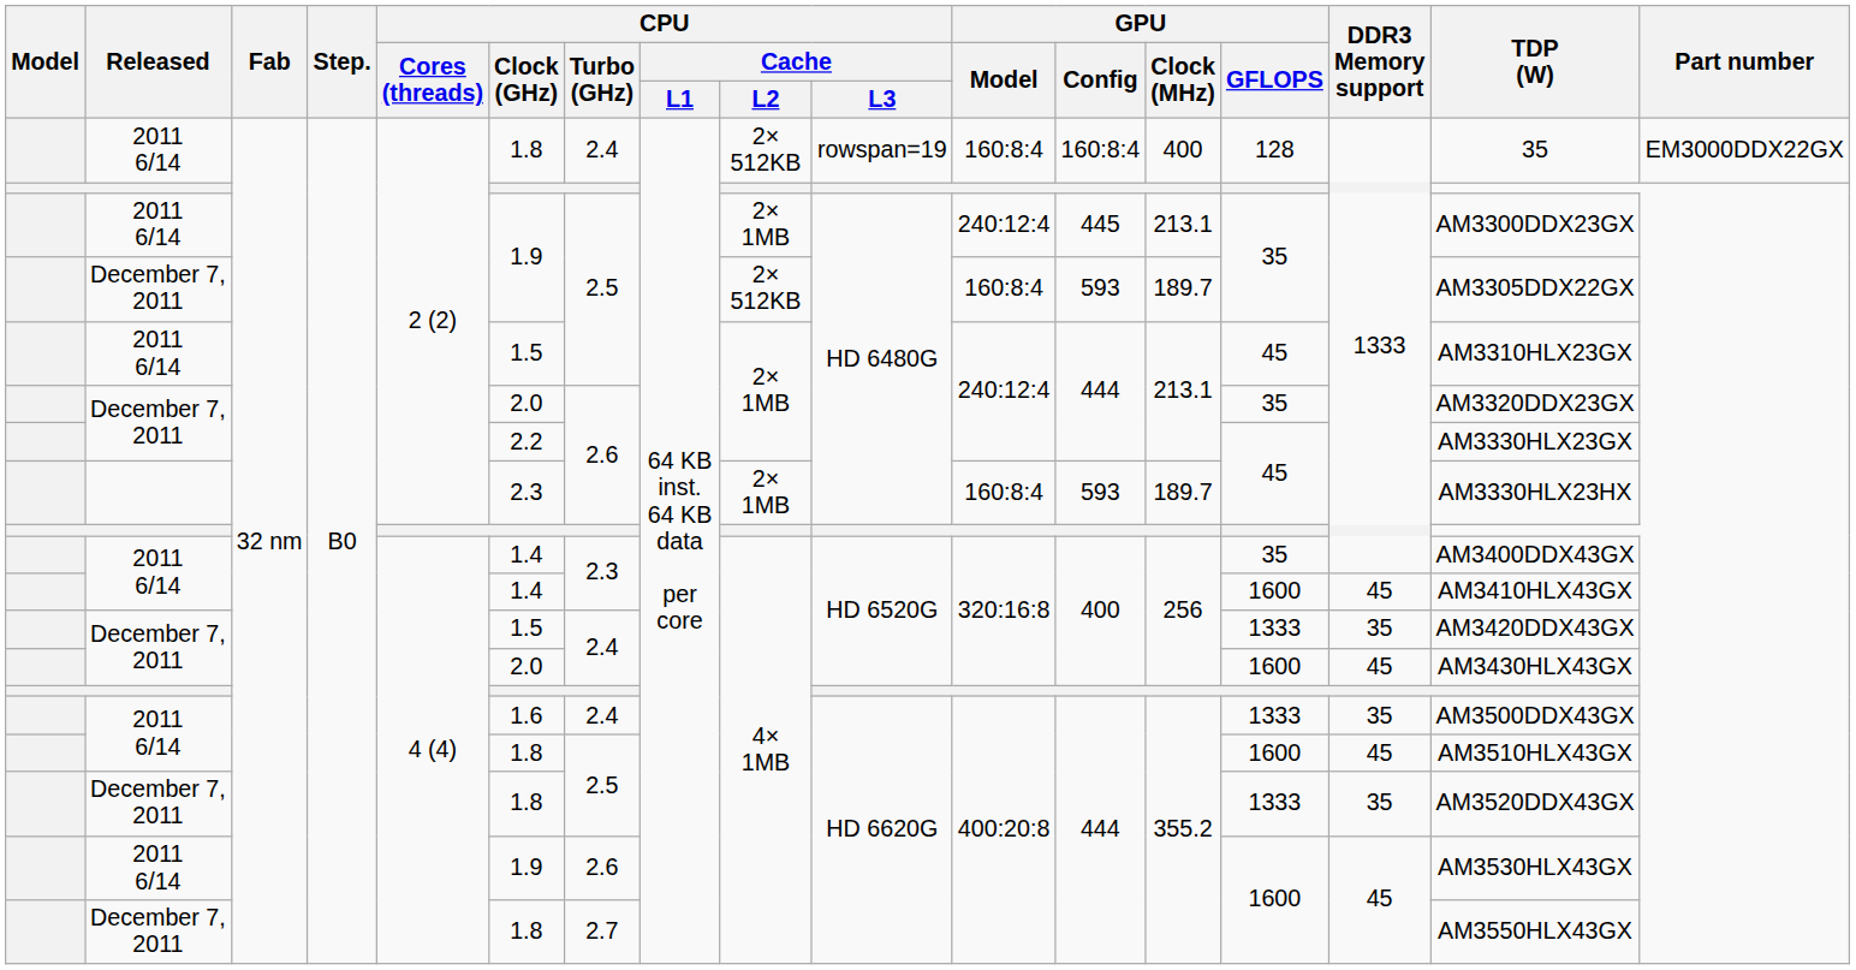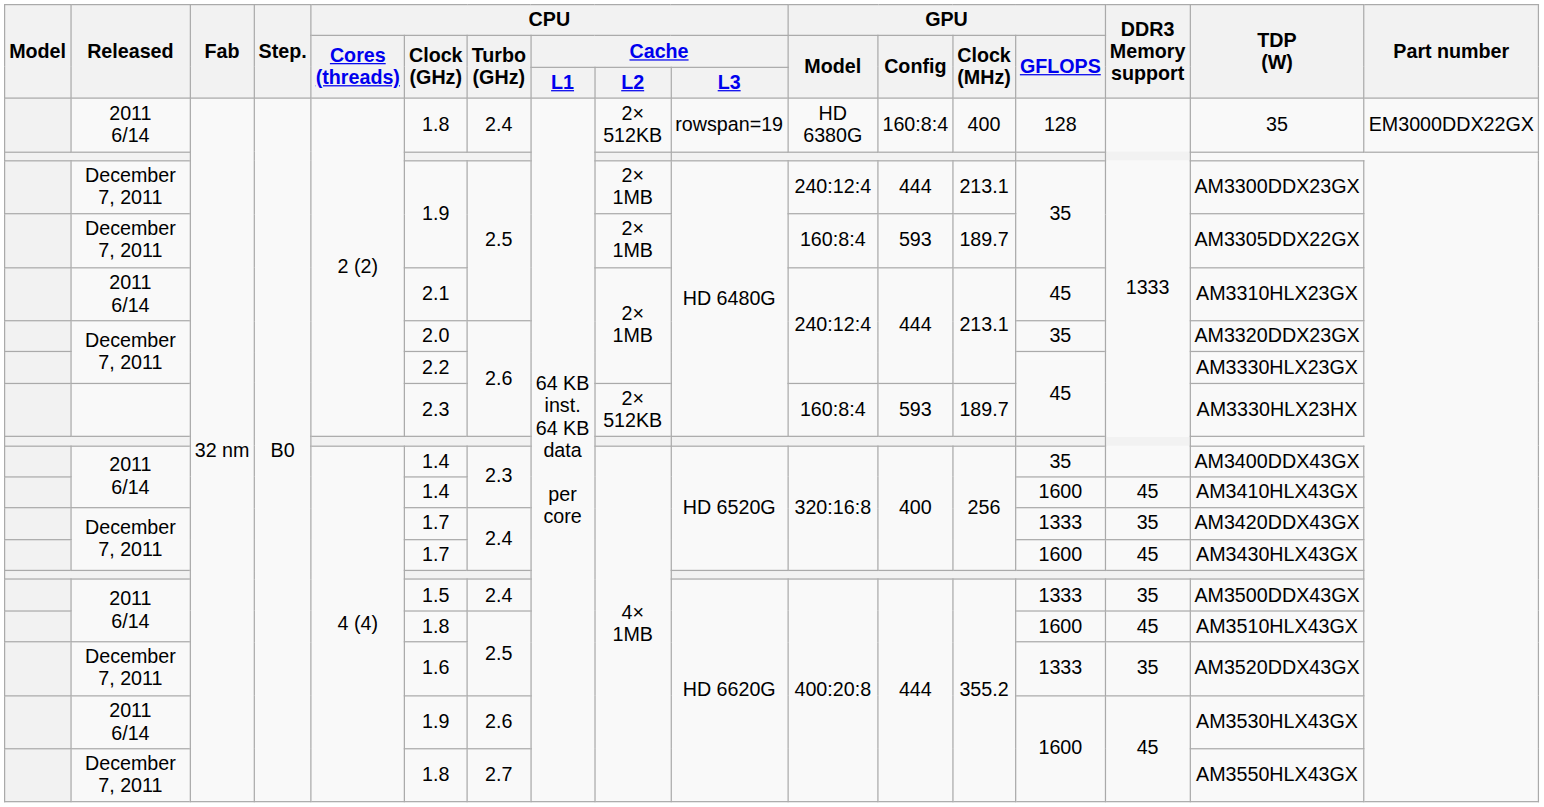 <table class="wikitable sortable sort-under" style="text-align: center">
 <tr>
 <th rowspan=3>Model</th>
 <th rowspan=3>Released</th>
 <th rowspan=3>Fab</th>
 <th rowspan=3>Step.</th>
 <th colspan=6>CPU</th>
 <th colspan=4>GPU</th>
 <th rowspan=3>DDR3<br>Memory<br>support</th>
 <th rowspan=3>TDP<br>(W)</th>
 <th rowspan=3>Part number</th>
 </tr>
 <tr>
 <th rowspan=2><a href='#'>Cores</a><br><a href='#'>(threads)</a></th>
 <th rowspan=2>Clock<br>(GHz)</th>
 <th rowspan=2>Turbo<br>(GHz)</th>
 <th colspan=3><a href='#'>Cache</a></th>
 <th rowspan=2>Model</th>
 <th rowspan=2>Config</th>
 <th rowspan=2>Clock<br>(MHz)</th>
 <th rowspan=2><a href='#'>GFLOPS</a></th>
 </tr>
 <tr>
 <th><a href='#'>L1</a></th>
 <th><a href='#'>L2</a></th>
 <th><a href='#'>L3</a></th>
 </tr>
 <tr>
 <th></th>
 <td>2011<br>6/14</td>
 <td rowspan=19>32 nm</td>
 <td rowspan=19>B0</td>
 <td rowspan=8>2 (2)</td>
 <td>1.8</td>
 <td>2.4</td>
 <td rowspan=19>64 KB inst.<br>64 KB data<br><br>per core</td>
 <td>2× 512KB</td>
 <td>rowspan=19 </td>
-<td>160:8:4</td>
+<td>HD 6380G</td>
 <td>160:8:4</td>
 <td>400</td>
 <td>128</td>
 <td rowspan=10>1333</td>
 <td>35</td>
 <td>EM3000DDX22GX</td>
 </tr>
 <tr>
 <th colspan="2"></th>
 <th colspan="2"></th>
 <th></th>
 <th colspan="4"></th>
 <th colspan="2"></th>
 </tr>
 <tr>
 <th></th>
-<td>2011<br>6/14</td>
+<td>December 7, 2011</td>
 <td rowspan=2>1.9</td>
 <td rowspan=3>2.5</td>
 <td>2× 1MB</td>
 <td rowspan=6>HD 6480G</td>
 <td>240:12:4</td>
-<td>445</td>
+<td>444</td>
 <td>213.1</td>
 <td rowspan=2>35</td>
 <td>AM3300DDX23GX</td>
 </tr>
 <tr>
 <th></th>
 <td>December 7, 2011</td>
-<td>2× 512KB</td>
+<td>2× 1MB</td>
 <td>160:8:4</td>
 <td>593</td>
 <td>189.7</td>
 <td>AM3305DDX22GX</td>
 </tr>
 <tr>
 <th></th>
 <td>2011<br>6/14</td>
-<td>1.5</td>
+<td>2.1</td>
 <td rowspan=3>2× 1MB</td>
 <td rowspan=3>240:12:4</td>
 <td rowspan=3>444</td>
 <td rowspan=3>213.1</td>
 <td>45</td>
 <td>AM3310HLX23GX</td>
 </tr>
 <tr>
 <th></th>
 <td rowspan=2>December 7, 2011</td>
 <td>2.0</td>
 <td rowspan=3>2.6</td>
 <td>35</td>
 <td>AM3320DDX23GX</td>
 </tr>
 <tr>
 <th></th>
 <td>2.2</td>
 <td rowspan=2>45</td>
 <td>AM3330HLX23GX</td>
 </tr>
 <tr>
 <th></th>
 <td></td>
 <td>2.3</td>
-<td>2× 1MB</td>
+<td>2× 512KB</td>
 <td>160:8:4</td>
 <td>593</td>
 <td>189.7</td>
 <td>AM3330HLX23HX</td>
 </tr>
 <tr>
 <th colspan="2"></th>
 <th colspan="3"></th>
 <th></th>
 <th colspan="4"></th>
 <th colspan="2"></th>
 </tr>
 <tr>
 <th></th>
 <td rowspan=2>2011<br>6/14</td>
 <td rowspan=10>4 (4)</td>
 <td>1.4</td>
 <td rowspan=2>2.3</td>
 <td rowspan=10>4× 1MB</td>
 <td rowspan=4>HD 6520G</td>
 <td rowspan=4>320:16:8</td>
 <td rowspan=4>400</td>
 <td rowspan=4>256</td>
 <td>35</td>
 <td>AM3400DDX43GX</td>
 </tr>
 <tr>
 <th></th>
 <td>1.4</td>
 <td>1600</td>
 <td>45</td>
 <td>AM3410HLX43GX</td>
 </tr>
 <tr>
 <th></th>
 <td rowspan=2>December 7, 2011</td>
-<td>1.5</td>
+<td>1.7</td>
 <td rowspan=2>2.4</td>
 <td>1333</td>
 <td>35</td>
 <td>AM3420DDX43GX</td>
 </tr>
 <tr>
 <th></th>
-<td>2.0</td>
+<td>1.7</td>
 <td>1600</td>
 <td>45</td>
 <td>AM3430HLX43GX</td>
 </tr>
 <tr>
 <th colspan="2"></th>
 <th colspan="2"></th>
 <th colspan="7"></th>
 </tr>
 <tr>
 <th></th>
 <td rowspan=2>2011<br>6/14</td>
-<td>1.6</td>
+<td>1.5</td>
 <td>2.4</td>
 <td rowspan=5>HD 6620G</td>
 <td rowspan=5>400:20:8</td>
 <td rowspan=5>444</td>
 <td rowspan=5>355.2</td>
 <td>1333</td>
 <td>35</td>
 <td>AM3500DDX43GX</td>
 </tr>
 <tr>
 <th></th>
 <td>1.8</td>
 <td rowspan=2>2.5</td>
 <td>1600</td>
 <td>45</td>
 <td>AM3510HLX43GX</td>
 </tr>
 <tr>
 <th></th>
 <td>December 7, 2011</td>
-<td>1.8</td>
+<td>1.6</td>
 <td>1333</td>
 <td>35</td>
 <td>AM3520DDX43GX</td>
 </tr>
 <tr>
 <th></th>
 <td>2011<br>6/14</td>
 <td>1.9</td>
 <td>2.6</td>
 <td rowspan=2>1600</td>
 <td rowspan=2>45</td>
 <td>AM3530HLX43GX</td>
 </tr>
 <tr>
 <th></th>
 <td>December 7, 2011</td>
 <td>1.8</td>
 <td>2.7</td>
 <td>AM3550HLX43GX</td>
 </tr>
 </table>
